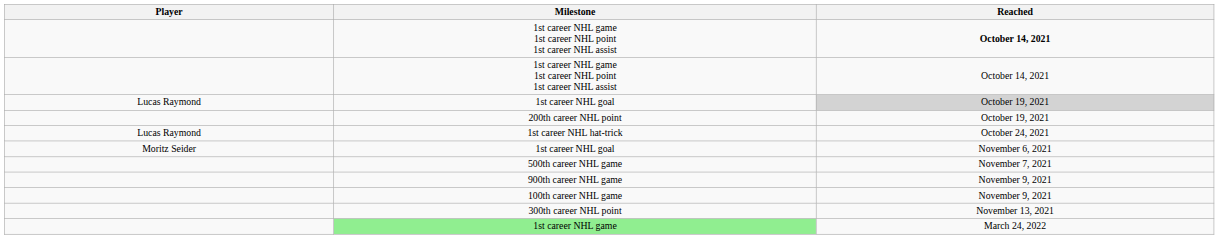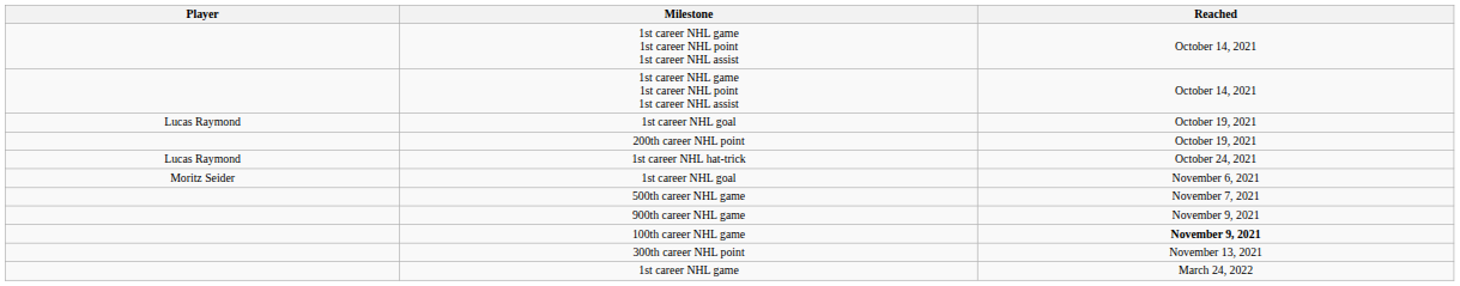 <table class="wikitable sortable" style="width:100%; text-align:center;">
 <tr>
 <th>Player</th>
 <th>Milestone</th>
 <th data-sort-type="date">Reached</th>
 </tr>
 <tr>
 <td></td>
 <td>1st career NHL game<br>1st career NHL point<br>1st career NHL assist</td>
-<td><strong>October 14, 2021</strong></td>
+<td>October 14, 2021</td>
 </tr>
 <tr>
 <td></td>
 <td>1st career NHL game<br>1st career NHL point<br>1st career NHL assist</td>
 <td>October 14, 2021</td>
 </tr>
 <tr>
 <td>Lucas Raymond</td>
 <td>1st career NHL goal</td>
-<td style="background: lightgrey;">October 19, 2021</td>
+<td>October 19, 2021</td>
 </tr>
 <tr>
 <td></td>
 <td>200th career NHL point</td>
 <td>October 19, 2021</td>
 </tr>
 <tr>
 <td>Lucas Raymond</td>
 <td>1st career NHL hat-trick</td>
 <td>October 24, 2021</td>
 </tr>
 <tr>
 <td>Moritz Seider</td>
 <td>1st career NHL goal</td>
 <td>November 6, 2021</td>
 </tr>
 <tr>
 <td></td>
 <td>500th career NHL game</td>
 <td>November 7, 2021</td>
 </tr>
 <tr>
 <td></td>
 <td>900th career NHL game</td>
 <td>November 9, 2021</td>
 </tr>
 <tr>
 <td></td>
 <td>100th career NHL game</td>
-<td>November 9, 2021</td>
+<td><strong>November 9, 2021</strong></td>
 </tr>
 <tr>
 <td></td>
 <td>300th career NHL point</td>
 <td>November 13, 2021</td>
 </tr>
 <tr>
 <td></td>
-<td style="background: lightgreen;">1st career NHL game</td>
+<td>1st career NHL game</td>
 <td>March 24, 2022</td>
 </tr>
 </table>
